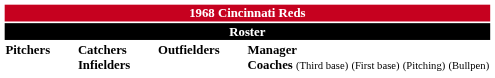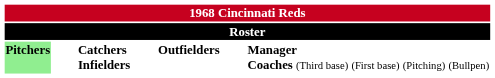 <table class="toccolours" style="font-size: 95%;">
 <tr>
 <th colspan="10" style="background-color: #c6011f; color: white; text-align: center;">1968 Cincinnati Reds</th>
 </tr>
 <tr>
 <td colspan="10" style="background-color: black; color: white; text-align: center;"><strong>Roster</strong></td>
 </tr>
 <tr>
-<td valign="top"><strong>Pitchers</strong><br>               </td>
+<td valign="top" style="background: lightgreen;"><strong>Pitchers</strong><br>               </td>
 <td width="25px"></td>
 <td valign="top"><strong>Catchers</strong><br>   <strong>Infielders</strong>          </td>
 <td width="25px"></td>
 <td valign="top"><strong>Outfielders</strong><br>    </td>
 <td width="25px"></td>
 <td valign="top"><strong>Manager</strong><br> <strong>Coaches</strong>  <small>(Third base)</small>  <small>(First base)</small>  <small>(Pitching)</small>  <small>(Bullpen)</small></td>
 </tr>
 </table>
